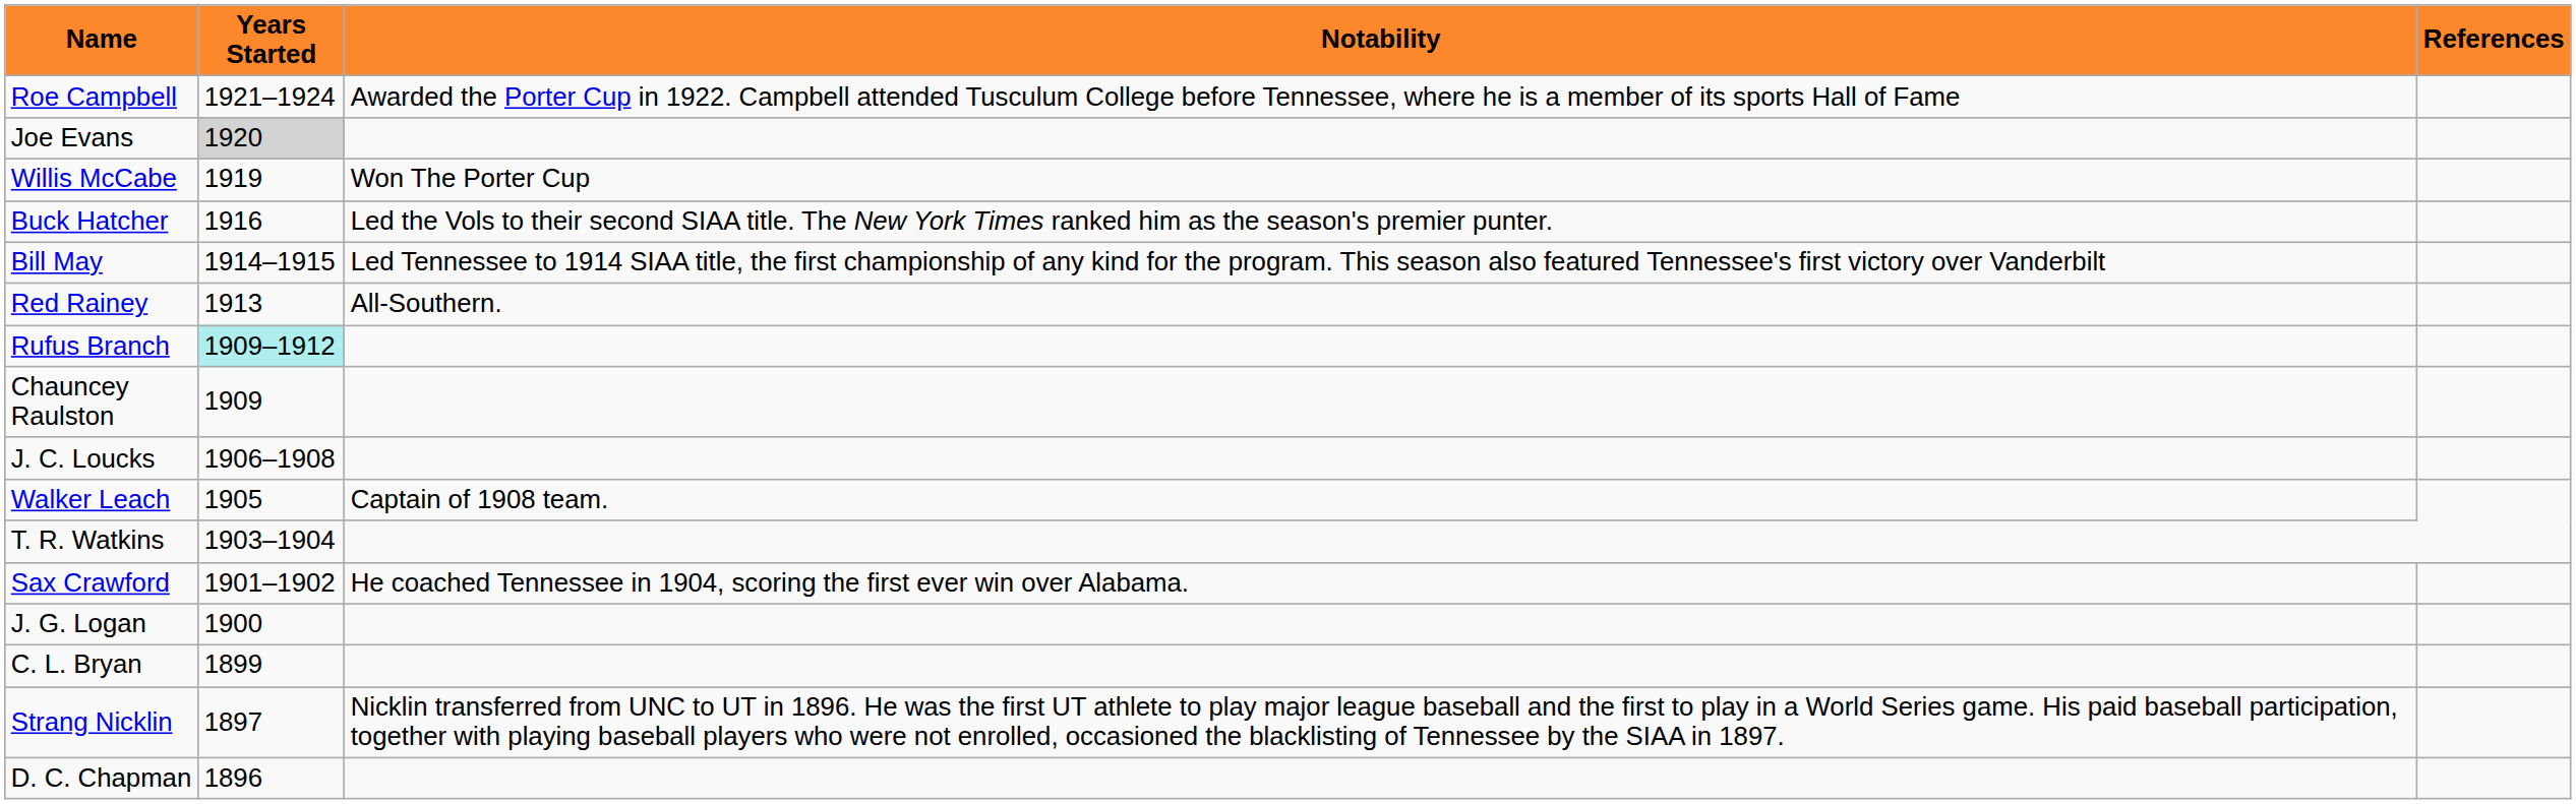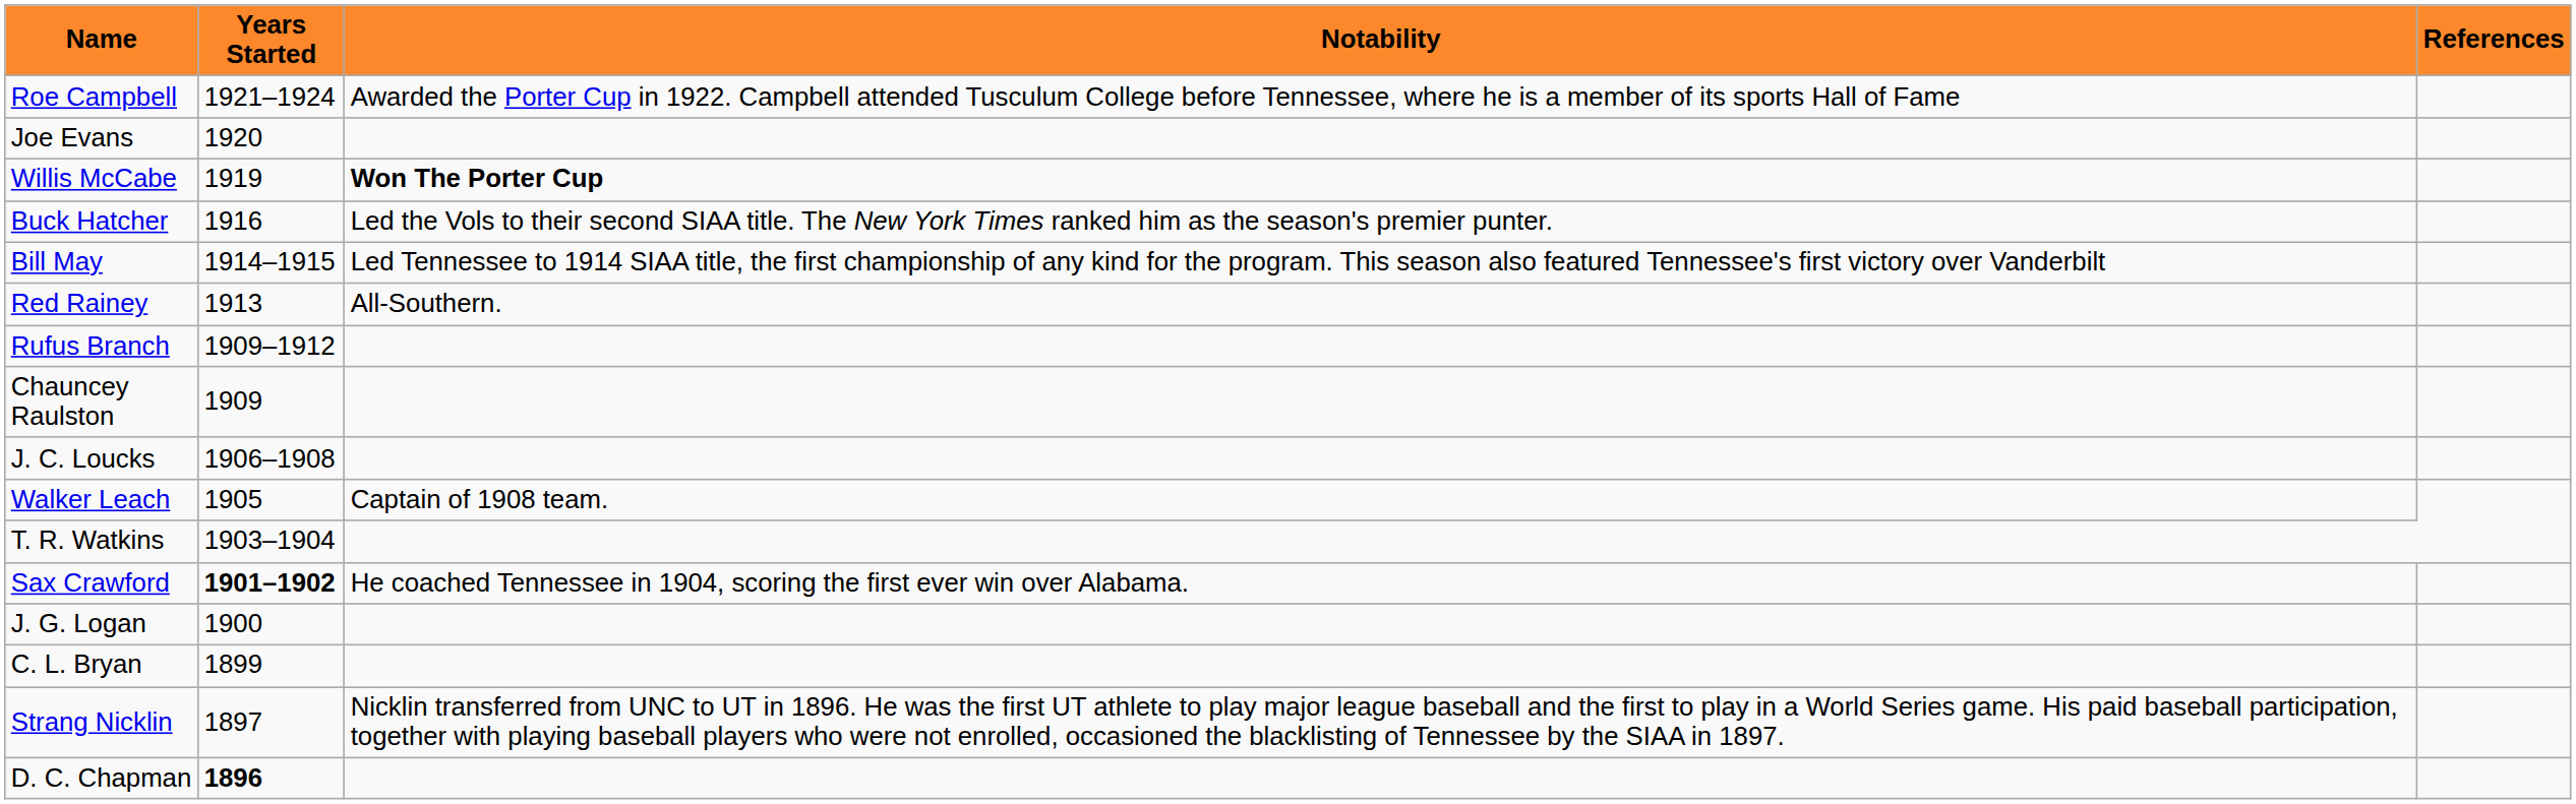 <table class="wikitable sortable" style="text-align:left;">
 <tr>
 <th style="background:#FC882B;"><span>Name</span></th>
 <th style="background:#FC882B;"><span>Years Started</span></th>
 <th style="background:#FC882B;"><span>Notability</span></th>
 <th style="background:#FC882B;"><span>References</span></th>
 </tr>
 <tr>
 <td><a href='#'>Roe Campbell</a></td>
 <td>1921–1924</td>
 <td>Awarded the <a href='#'>Porter Cup</a> in 1922.  Campbell attended Tusculum College before Tennessee, where he is a member of its sports Hall of Fame</td>
 <td></td>
 </tr>
 <tr>
 <td>Joe Evans</td>
-<td style="background: lightgrey;">1920</td>
+<td>1920</td>
 <td></td>
 <td></td>
 </tr>
 <tr>
 <td><a href='#'>Willis McCabe</a></td>
 <td>1919</td>
-<td>Won The Porter Cup</td>
+<td><strong>Won The Porter Cup</strong></td>
 <td></td>
 </tr>
 <tr>
 <td><a href='#'>Buck Hatcher</a></td>
 <td>1916</td>
 <td>Led the Vols to their second SIAA title. The <em>New York Times</em> ranked him as the season's premier punter.</td>
 <td></td>
 </tr>
 <tr>
 <td><a href='#'>Bill May</a></td>
 <td>1914–1915</td>
 <td>Led Tennessee to 1914 SIAA title, the first championship of any kind for the program. This season also featured Tennessee's first victory over Vanderbilt</td>
 <td></td>
 </tr>
 <tr>
 <td><a href='#'>Red Rainey</a></td>
 <td>1913</td>
 <td>All-Southern.</td>
 <td></td>
 </tr>
 <tr>
 <td><a href='#'>Rufus Branch</a></td>
-<td style="background: paleturquoise;">1909–1912</td>
+<td>1909–1912</td>
 <td></td>
 <td></td>
 </tr>
 <tr>
 <td>Chauncey Raulston</td>
 <td>1909</td>
 <td></td>
 <td></td>
 </tr>
 <tr>
 <td>J. C. Loucks</td>
 <td>1906–1908</td>
 <td></td>
 <td></td>
 </tr>
 <tr>
 <td><a href='#'>Walker Leach</a></td>
 <td>1905</td>
 <td>Captain of 1908 team.</td>
 </tr>
 <tr>
 <td>T. R. Watkins</td>
 <td>1903–1904</td>
 </tr>
 <tr>
 <td><a href='#'>Sax Crawford</a></td>
-<td>1901–1902</td>
+<td><strong>1901–1902</strong></td>
 <td>He coached Tennessee in 1904, scoring the first ever win over Alabama.</td>
 <td></td>
 </tr>
 <tr>
 <td>J. G. Logan</td>
 <td>1900</td>
 <td></td>
 <td></td>
 </tr>
 <tr>
 <td>C. L. Bryan</td>
 <td>1899</td>
 <td></td>
 <td></td>
 </tr>
 <tr>
 <td><a href='#'>Strang Nicklin</a></td>
 <td>1897</td>
 <td>Nicklin transferred from UNC to UT in 1896. He was the first UT athlete to play major league baseball and the first to play in a World Series game.  His paid baseball participation, together with playing baseball players who were not enrolled, occasioned the blacklisting of Tennessee by the SIAA in 1897.</td>
 <td></td>
 </tr>
 <tr>
 <td>D. C. Chapman</td>
-<td>1896</td>
+<td><strong>1896</strong></td>
 <td></td>
 <td></td>
 </tr>
 </table>
